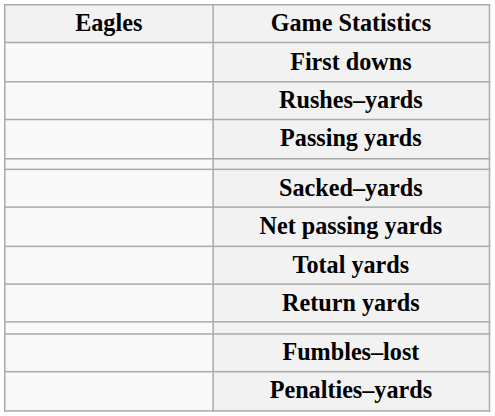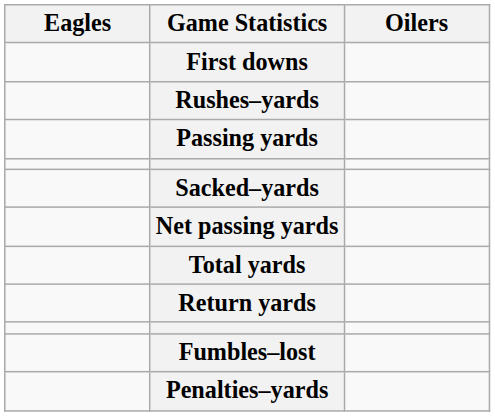 <table class="wikitable" style="margin: 1em auto 1em auto">
 <tr>
 <th style="width:30%;">Eagles</th>
 <th style="width:40%;">Game Statistics</th>
+<th style="width:30%;">Oilers</th>
 </tr>
 <tr>
 <td style="text-align:right;"></td>
 <th>First downs</th>
+<td></td>
 </tr>
 <tr>
 <td style="text-align:right;"></td>
 <th>Rushes–yards</th>
+<td></td>
 </tr>
 <tr>
 <td style="text-align:right;"></td>
 <th>Passing yards</th>
+<td></td>
 </tr>
 <tr>
 <td style="text-align:right;"></td>
 <th></th>
+<td></td>
 </tr>
 <tr>
 <td style="text-align:right;"></td>
 <th>Sacked–yards</th>
+<td></td>
 </tr>
 <tr>
 <td style="text-align:right;"></td>
 <th>Net passing yards</th>
+<td></td>
 </tr>
 <tr>
 <td style="text-align:right;"></td>
 <th>Total yards</th>
+<td></td>
 </tr>
 <tr>
 <td style="text-align:right;"></td>
 <th>Return yards</th>
+<td></td>
 </tr>
 <tr>
 <td style="text-align:right;"></td>
 <th></th>
+<td></td>
 </tr>
 <tr>
 <td style="text-align:right;"></td>
 <th>Fumbles–lost</th>
+<td></td>
 </tr>
 <tr>
 <td style="text-align:right;"></td>
 <th>Penalties–yards</th>
+<td></td>
 </tr>
 </table>
